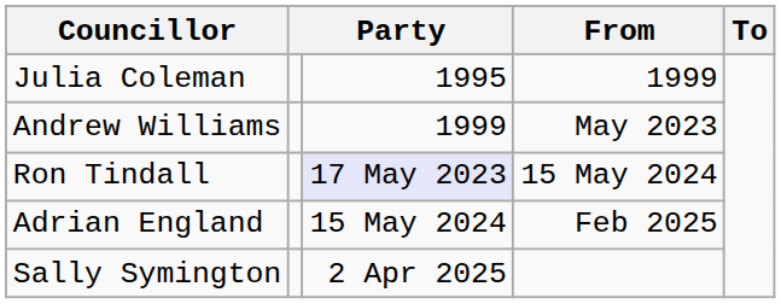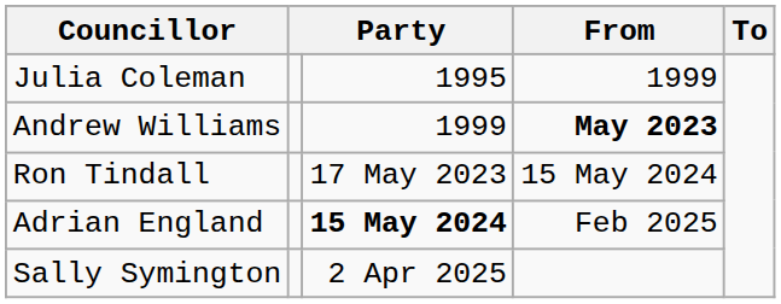 <table class=wikitable>
 <tr>
 <th>Councillor</th>
 <th colspan=2>Party</th>
 <th>From</th>
 <th>To</th>
 </tr>
 <tr>
 <td>Julia Coleman</td>
 <td></td>
 <td align=right>1995</td>
 <td align=right>1999</td>
 </tr>
 <tr>
 <td>Andrew Williams</td>
 <td></td>
 <td align=right>1999</td>
-<td align=right>May 2023</td>
+<td align=right><strong>May 2023</strong></td>
 </tr>
 <tr>
 <td>Ron Tindall</td>
 <td></td>
-<td align=right style="background: lavender;">17 May 2023</td>
+<td align=right>17 May 2023</td>
 <td align=right>15 May 2024</td>
 </tr>
 <tr>
 <td>Adrian England</td>
 <td></td>
-<td align=right>15 May 2024</td>
+<td align=right><strong>15 May 2024</strong></td>
 <td align=right>Feb 2025</td>
 </tr>
 <tr>
 <td>Sally Symington</td>
 <td></td>
 <td align=right>2 Apr 2025</td>
 <td align=right></td>
 </tr>
 </table>
